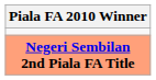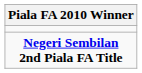 <table class="wikitable" style="text-align: center; margin: 0 auto;">
 <tr>
 <th>Piala FA 2010 Winner</th>
 </tr>
 <tr>
 <td></td>
 </tr>
 <tr>
-<td style="background: lightsalmon;"><strong><a href='#'>Negeri Sembilan</a></strong><br><strong>2nd Piala FA Title</strong></td>
+<td><strong><a href='#'>Negeri Sembilan</a></strong><br><strong>2nd Piala FA Title</strong></td>
 </tr>
 </table>
